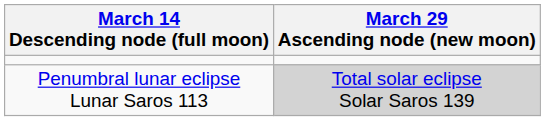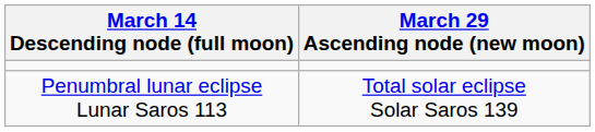 <table class="wikitable">
 <tr>
 <th><a href='#'>March 14</a><br>Descending node (full moon)<br></th>
 <th><a href='#'>March 29</a><br>Ascending node (new moon)<br></th>
 </tr>
 <tr>
 <td></td>
 <td></td>
 </tr>
 <tr align=center>
 <td><a href='#'>Penumbral lunar eclipse</a><br>Lunar Saros 113</td>
-<td style="background: lightgrey;"><a href='#'>Total solar eclipse</a><br>Solar Saros 139</td>
+<td><a href='#'>Total solar eclipse</a><br>Solar Saros 139</td>
 </tr>
 </table>
